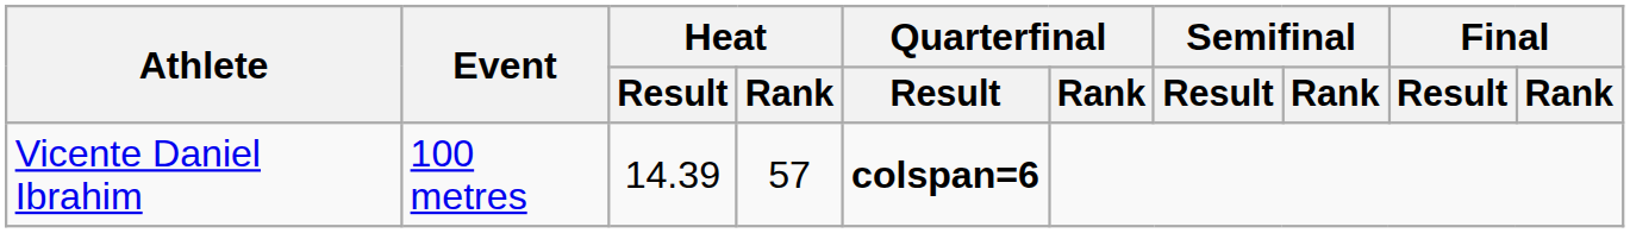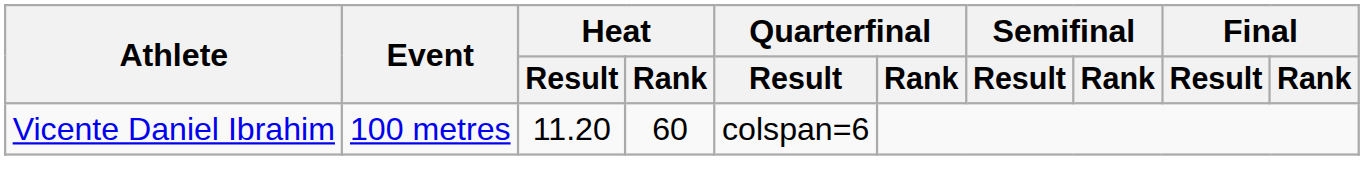 <table class=wikitable style=font-size:90%>
 <tr>
 <th rowspan=2>Athlete</th>
 <th rowspan=2>Event</th>
 <th colspan=2>Heat</th>
 <th colspan=2>Quarterfinal</th>
 <th colspan=2>Semifinal</th>
 <th colspan=2>Final</th>
 </tr>
 <tr style=font-size:95%>
 <th>Result</th>
 <th>Rank</th>
 <th>Result</th>
 <th>Rank</th>
 <th>Result</th>
 <th>Rank</th>
 <th>Result</th>
 <th>Rank</th>
 </tr>
 <tr align=center>
 <td align=left><a href='#'>Vicente Daniel Ibrahim</a></td>
 <td align=left><a href='#'>100 metres</a></td>
-<td>14.39</td>
-<td>57</td>
-<td><strong>colspan=6 </strong></td>
+<td>11.20</td>
+<td>60</td>
+<td>colspan=6 </td>
 </tr>
 </table>
